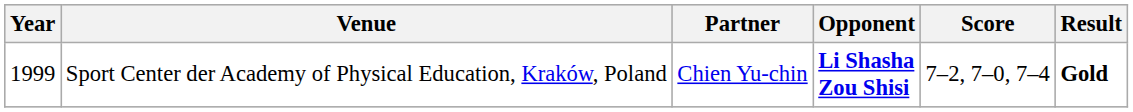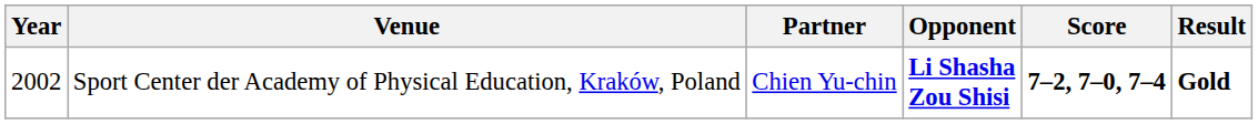 <table class="sortable wikitable" style="font-size: 90%;">
 <tr>
 <th>Year</th>
 <th>Venue</th>
 <th>Partner</th>
 <th>Opponent</th>
 <th>Score</th>
 <th>Result</th>
 </tr>
 <tr style="background:white">
-<td align="center">1999</td>
+<td align="center">2002</td>
 <td align="left">Sport Center der Academy of Physical Education, <a href='#'>Kraków</a>, Poland</td>
 <td align="left"> <a href='#'>Chien Yu-chin</a></td>
 <td align="left"><strong> <a href='#'>Li Shasha</a><br> <a href='#'>Zou Shisi</a></strong></td>
-<td align="left">7–2, 7–0, 7–4</td>
+<td align="left"><strong>7–2, 7–0, 7–4</strong></td>
 <td style="text-align:left; background:white"> <strong>Gold</strong></td>
 </tr>
 </table>
